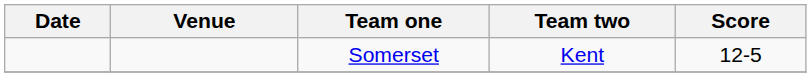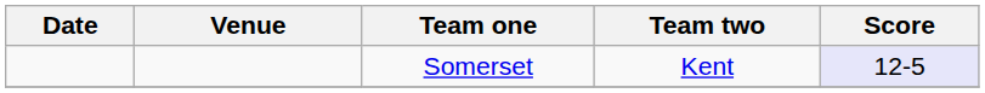 <table class="wikitable" style="text-align: center">
 <tr>
 <th width=80>Date</th>
 <th width=150>Venue</th>
 <th width=150>Team one</th>
 <th width=150>Team two</th>
 <th width=100>Score</th>
 </tr>
 <tr>
 <td></td>
 <td></td>
 <td><a href='#'>Somerset</a></td>
 <td><a href='#'>Kent</a></td>
-<td>12-5</td>
+<td style="background: lavender;">12-5</td>
 </tr>
 <tr>
 </tr>
 </table>
